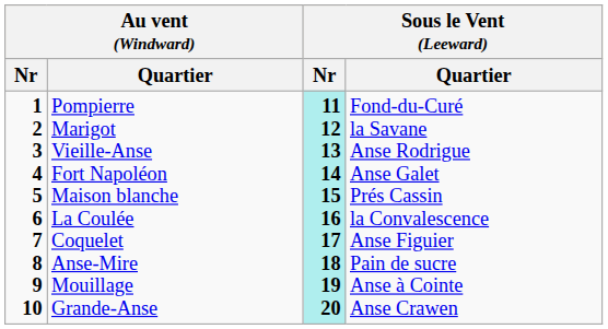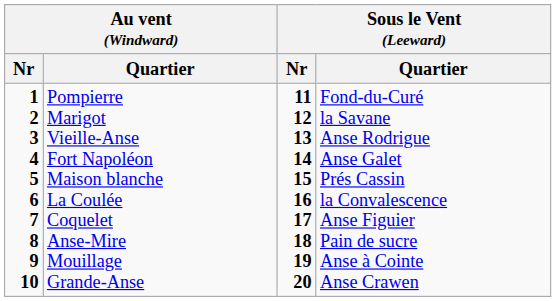 <table class="wikitable" width="480px">
 <tr bgcolor="#FEF6D2" |>
 <th colspan="2" width="50%">Au vent<br><small><em>(Windward)</em></small></th>
 <th colspan="2">Sous le Vent<small><br><em>(Leeward)</em></small></th>
 </tr>
 <tr bgcolor="#F7F7F7" |>
 <th width="7%">Nr</th>
 <th>Quartier</th>
 <th width="7%">Nr</th>
 <th>Quartier</th>
 </tr>
 <tr>
 <td align=right><strong>1</strong><br><strong>2</strong><br><strong>3</strong><br><strong>4</strong><br><strong>5</strong><br><strong>6</strong><br><strong>7</strong><br><strong>8</strong><br><strong>9</strong><br><strong>10</strong></td>
 <td><a href='#'>Pompierre</a><br><a href='#'>Marigot</a><br><a href='#'>Vieille-Anse</a><br><a href='#'>Fort Napoléon</a><br><a href='#'>Maison blanche</a><br><a href='#'>La Coulée</a><br><a href='#'>Coquelet</a><br><a href='#'>Anse-Mire</a><br><a href='#'>Mouillage</a><br><a href='#'>Grande-Anse</a></td>
-<td align=right style="background: paleturquoise;"><strong>11</strong><br><strong>12</strong><br><strong>13</strong><br><strong>14</strong><br><strong>15</strong><br><strong>16</strong><br><strong>17</strong><br><strong>18</strong><br><strong>19</strong><br><strong>20</strong></td>
+<td align=right><strong>11</strong><br><strong>12</strong><br><strong>13</strong><br><strong>14</strong><br><strong>15</strong><br><strong>16</strong><br><strong>17</strong><br><strong>18</strong><br><strong>19</strong><br><strong>20</strong></td>
 <td><a href='#'>Fond-du-Curé</a><br><a href='#'>la Savane</a><br><a href='#'>Anse Rodrigue</a><br><a href='#'>Anse Galet</a><br><a href='#'>Prés Cassin</a><br><a href='#'>la Convalescence</a><br><a href='#'>Anse Figuier</a><br><a href='#'>Pain de sucre</a><br><a href='#'>Anse à Cointe</a><br><a href='#'>Anse Crawen</a></td>
 </tr>
 </table>
